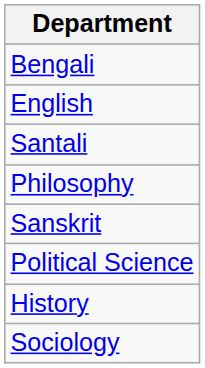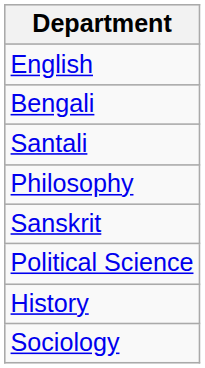 <table class="wikitable sortable">
 <tr>
 <th>Department</th>
 </tr>
 <tr>
-<td><a href='#'>Bengali</a></td>
+<td><a href='#'>English</a></td>
 </tr>
 <tr>
-<td><a href='#'>English</a></td>
+<td><a href='#'>Bengali</a></td>
 </tr>
 <tr>
 <td><a href='#'>Santali</a></td>
 </tr>
 <tr>
 <td><a href='#'>Philosophy</a></td>
 </tr>
 <tr>
 <td><a href='#'>Sanskrit</a></td>
 </tr>
 <tr>
 <td><a href='#'>Political Science</a></td>
 </tr>
 <tr>
 <td><a href='#'>History</a></td>
 </tr>
 <tr>
 <td><a href='#'>Sociology</a></td>
 </tr>
 </table>
